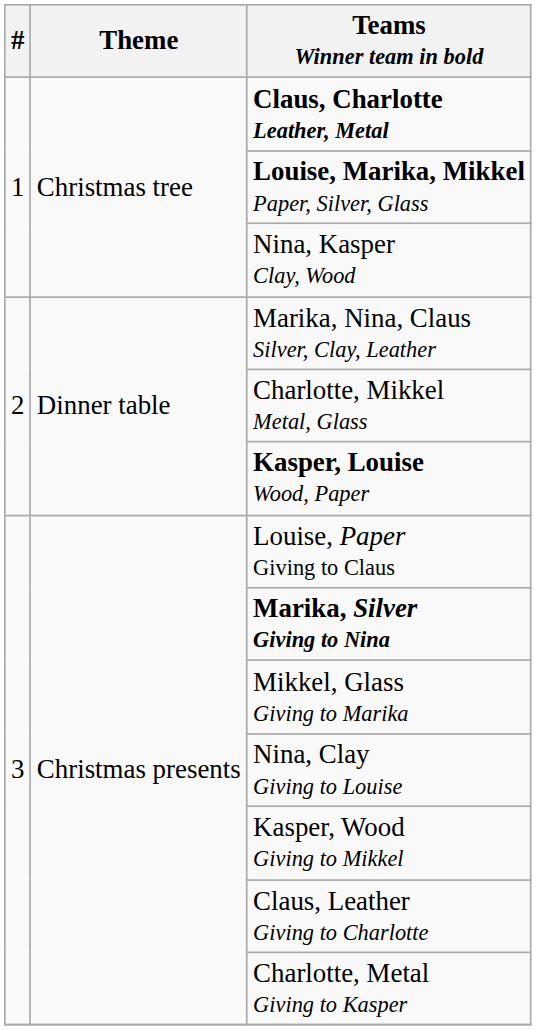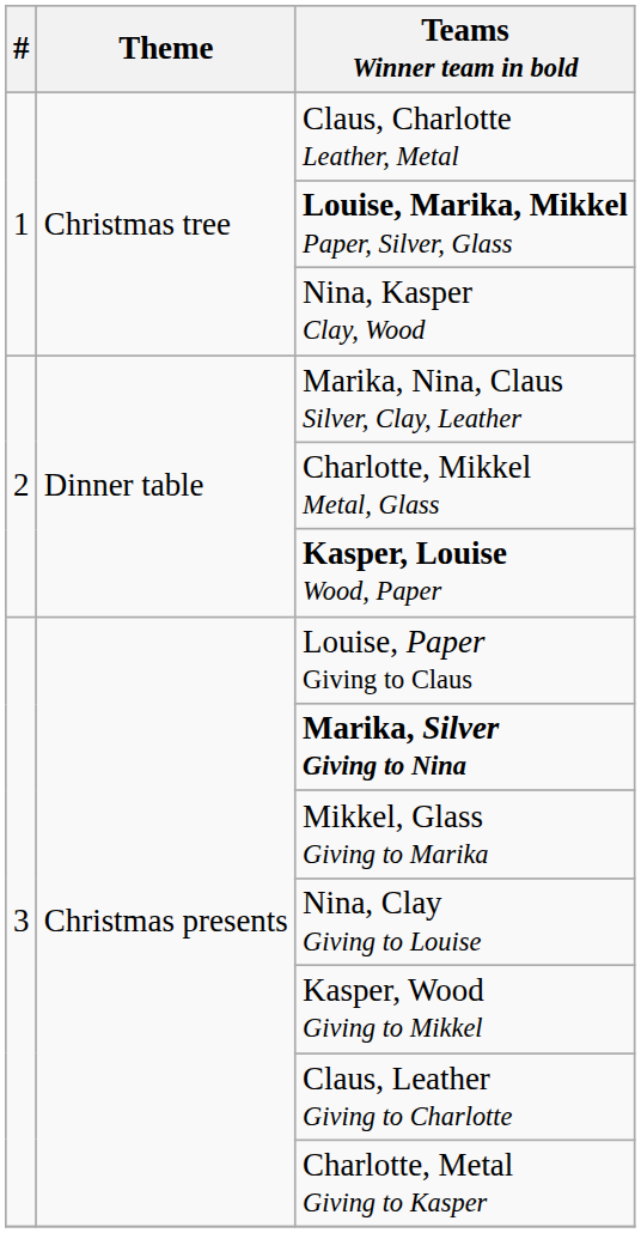 <table class="wikitable">
 <tr>
 <th rowspan="1">#</th>
 <th>Theme</th>
 <th>Teams<br><small><em>Winner team in bold</em></small></th>
 </tr>
 <tr>
 <td rowspan="3">1</td>
 <td rowspan="3">Christmas tree</td>
-<td><strong>Claus, Charlotte<br><small><em>Leather, Metal</em></small></strong></td>
+<td>Claus, Charlotte<br><small><em>Leather, Metal</em></small></td>
 </tr>
 <tr>
 <td><strong>Louise, Marika, Mikkel</strong><br><small><em>Paper, Silver, Glass</em></small></td>
 </tr>
 <tr>
 <td>Nina, Kasper<br><small><em>Clay, Wood</em></small></td>
 </tr>
 <tr>
 <td rowspan="3">2</td>
 <td rowspan="3">Dinner table</td>
 <td>Marika, Nina, Claus<br><small><em>Silver, Clay, Leather</em></small></td>
 </tr>
 <tr>
 <td>Charlotte, Mikkel<br><small><em>Metal, Glass</em></small></td>
 </tr>
 <tr>
 <td><strong>Kasper, Louise</strong><br><small><em>Wood, Paper</em></small></td>
 </tr>
 <tr>
 <td rowspan="7">3</td>
 <td rowspan="7">Christmas presents</td>
 <td>Louise, <em>Paper</em><br><small>Giving to Claus</small></td>
 </tr>
 <tr>
 <td><strong>Marika, <em>Silver<strong><em><br><small>Giving to Nina</small></td>
 </tr>
 <tr>
 <td>Mikkel, </em>Glass<em><br><small>Giving to Marika</small></td>
 </tr>
 <tr>
 <td>Nina, </em>Clay<em><br><small>Giving to Louise</small></td>
 </tr>
 <tr>
 <td>Kasper, </em>Wood<em><br><small>Giving to Mikkel</small></td>
 </tr>
 <tr>
 <td>Claus, </em>Leather<em><br><small>Giving to Charlotte</small></td>
 </tr>
 <tr>
 <td>Charlotte, </em>Metal<em><br><small>Giving to Kasper</small></td>
 </tr>
 <tr>
 </tr>
 </table>
